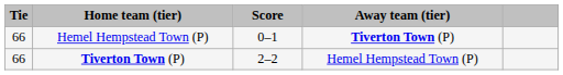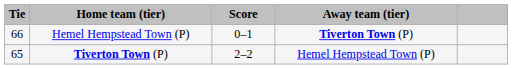 <table class="wikitable" style="width: 600px; background:WhiteSmoke; text-align:center; font-size:90%">
 <tr>
 <td scope="col" style="width:  5.00%; background:silver;"><strong>Tie</strong></td>
 <td scope="col" style="width: 36.25%; background:silver;"><strong>Home team (tier)</strong></td>
 <td scope="col" style="width: 12.50%; background:silver;"><strong>Score</strong></td>
 <td scope="col" style="width: 36.25%; background:silver;"><strong>Away team (tier)</strong></td>
 <td scope="col" style="width: 10.00%; background:silver;"><strong></strong></td>
 </tr>
 <tr>
 <td>66</td>
 <td><a href='#'>Hemel Hempstead Town</a> (P)</td>
 <td>0–1</td>
 <td><strong><a href='#'>Tiverton Town</a></strong> (P)</td>
 <td></td>
 </tr>
 <tr>
-<td>66</td>
+<td>65</td>
 <td><strong><a href='#'>Tiverton Town</a></strong> (P)</td>
 <td>2–2</td>
 <td><a href='#'>Hemel Hempstead Town</a> (P)</td>
 <td></td>
 </tr>
 </table>
